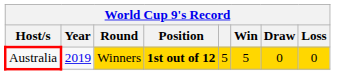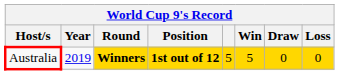 <table class="wikitable" style="text-align: center;">
 <tr>
 <th colspan="9"><a href='#'>World Cup 9's Record</a></th>
 </tr>
 <tr>
 <th>Host/s</th>
 <th>Year</th>
 <th>Round</th>
 <th>Position</th>
 <th></th>
 <th>Win</th>
 <th>Draw</th>
 <th>Loss</th>
 </tr>
 <tr>
 <td style="border: 3px solid red"> Australia</td>
 <td><a href='#'>2019</a></td>
-<td style="background:gold">Winners</td>
+<td style="background:gold"><strong>Winners</strong></td>
 <td style="background:gold"><strong>1st out of 12</strong></td>
 <td style="background:gold">5</td>
 <td style="background:gold">5</td>
 <td style="background:gold">0</td>
 <td style="background:gold">0</td>
 </tr>
 </table>
